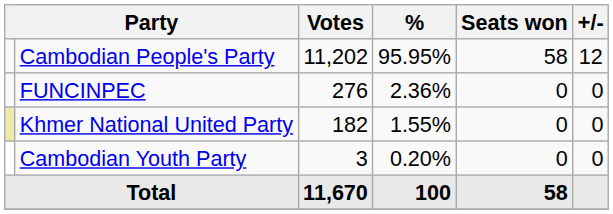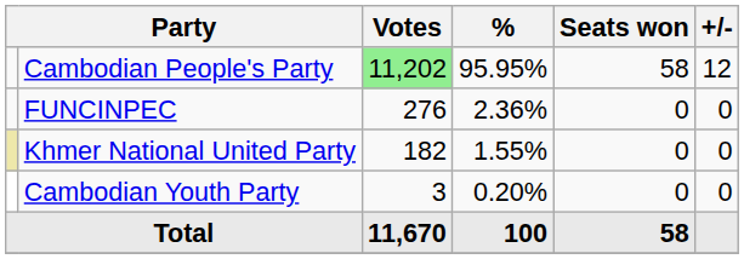 <table class="wikitable" style="font-size:95%;text-align:center;">
 <tr style="background-color:;">
 <th colspan="2">Party</th>
 <th>Votes</th>
 <th>%</th>
 <th>Seats won</th>
 <th>+/-</th>
 </tr>
 <tr>
 <td style="background:"></td>
 <td style="text-align:left;"><a href='#'>Cambodian People's Party</a></td>
-<td style="text-align:right;">11,202</td>
+<td style="background: lightgreen; text-align:right;">11,202</td>
 <td style="text-align:right;">95.95%</td>
 <td style="text-align:right;">58</td>
 <td> 12</td>
 </tr>
 <tr>
 <td style="background:"></td>
 <td style="text-align:left;"><a href='#'>FUNCINPEC</a></td>
 <td style="text-align:right;">276</td>
 <td style="text-align:right;">2.36%</td>
 <td style="text-align:right;">0</td>
 <td style="text-align:right;">0</td>
 </tr>
 <tr>
 <td bgcolor=#EEE8AA></td>
 <td style="text-align:left;"><a href='#'>Khmer National United Party</a></td>
 <td style="text-align:right;">182</td>
 <td style="text-align:right;">1.55%</td>
 <td style="text-align:right;">0</td>
 <td style="text-align:right;">0</td>
 </tr>
 <tr>
 <td style="background:white;"></td>
 <td style="text-align:left;"><a href='#'>Cambodian Youth Party</a></td>
 <td style="text-align:right;">3</td>
 <td style="text-align:right;">0.20%</td>
 <td style="text-align:right;">0</td>
 <td style="text-align:right;">0</td>
 </tr>
 <tr>
 <td colspan=2 bgcolor="#E9E9E9"><strong>Total</strong></td>
 <td align=right bgcolor= "#E9E9E9"><strong>11,670</strong></td>
 <td align=right bgcolor="#E9E9E9"><strong>100</strong></td>
 <td align=right bgcolor="#E9E9E9"><strong>58</strong></td>
 <td align=right bgcolor="#E9E9E9"></td>
 </tr>
 <tr>
 </tr>
 </table>
